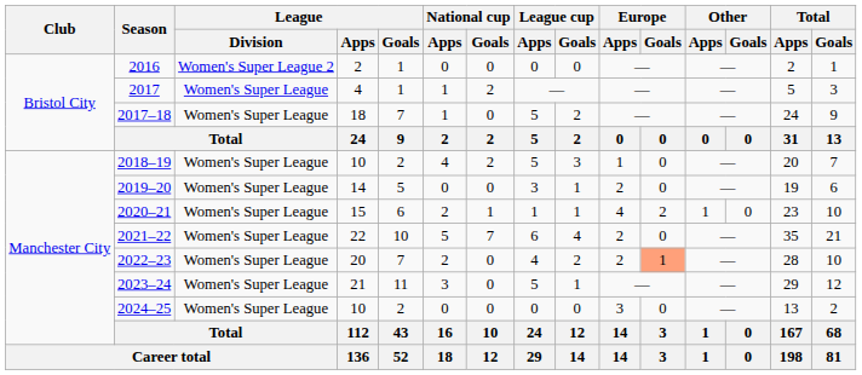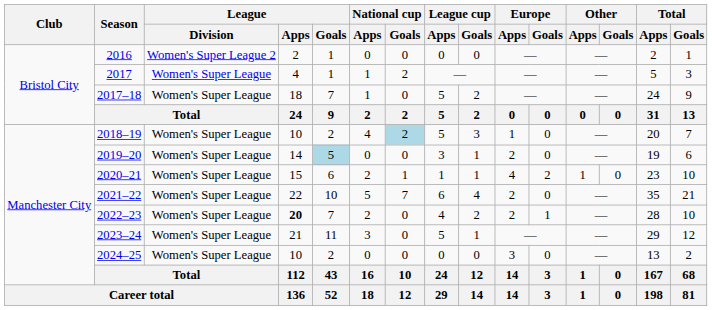 <table class="wikitable" style="text-align:center">
 <tr>
 <th rowspan="2">Club</th>
 <th rowspan="2">Season</th>
 <th colspan="3">League</th>
 <th colspan="2">National cup</th>
 <th colspan="2">League cup</th>
 <th colspan="2">Europe</th>
 <th colspan="2">Other</th>
 <th colspan="2">Total</th>
 </tr>
 <tr>
 <th>Division</th>
 <th>Apps</th>
 <th>Goals</th>
 <th>Apps</th>
 <th>Goals</th>
 <th>Apps</th>
 <th>Goals</th>
 <th>Apps</th>
 <th>Goals</th>
 <th>Apps</th>
 <th>Goals</th>
 <th>Apps</th>
 <th>Goals</th>
 </tr>
 <tr>
 <td rowspan="4"><a href='#'>Bristol City</a></td>
 <td><a href='#'>2016</a></td>
 <td><a href='#'>Women's Super League 2</a></td>
 <td>2</td>
 <td>1</td>
 <td>0</td>
 <td>0</td>
 <td>0</td>
 <td>0</td>
 <td colspan=2>—</td>
 <td colspan=2>—</td>
 <td>2</td>
 <td>1</td>
 </tr>
 <tr>
 <td><a href='#'>2017</a></td>
 <td><a href='#'>Women's Super League</a></td>
 <td>4</td>
 <td>1</td>
 <td>1</td>
 <td>2</td>
 <td colspan=2>—</td>
 <td colspan=2>—</td>
 <td colspan=2>—</td>
 <td>5</td>
 <td>3</td>
 </tr>
 <tr>
 <td><a href='#'>2017–18</a></td>
 <td>Women's Super League</td>
 <td>18</td>
 <td>7</td>
 <td>1</td>
 <td>0</td>
 <td>5</td>
 <td>2</td>
 <td colspan=2>—</td>
 <td colspan=2>—</td>
 <td>24</td>
 <td>9</td>
 </tr>
 <tr>
 <th colspan="2">Total</th>
 <th>24</th>
 <th>9</th>
 <th>2</th>
 <th>2</th>
 <th>5</th>
 <th>2</th>
 <th>0</th>
 <th>0</th>
 <th>0</th>
 <th>0</th>
 <th>31</th>
 <th>13</th>
 </tr>
 <tr>
 <td rowspan="8"><a href='#'>Manchester City</a></td>
 <td><a href='#'>2018–19</a></td>
 <td>Women's Super League</td>
 <td>10</td>
 <td>2</td>
 <td>4</td>
-<td>2</td>
+<td style="background: lightblue;">2</td>
 <td>5</td>
 <td>3</td>
 <td>1</td>
 <td>0</td>
 <td colspan=2>—</td>
 <td>20</td>
 <td>7</td>
 </tr>
 <tr>
 <td><a href='#'>2019–20</a></td>
 <td>Women's Super League</td>
 <td>14</td>
-<td>5</td>
+<td style="background: lightblue;">5</td>
 <td>0</td>
 <td>0</td>
 <td>3</td>
 <td>1</td>
 <td>2</td>
 <td>0</td>
 <td colspan=2>—</td>
 <td>19</td>
 <td>6</td>
 </tr>
 <tr>
 <td><a href='#'>2020–21</a></td>
 <td>Women's Super League</td>
 <td>15</td>
 <td>6</td>
 <td>2</td>
 <td>1</td>
 <td>1</td>
 <td>1</td>
 <td>4</td>
 <td>2</td>
 <td>1</td>
 <td>0</td>
 <td>23</td>
 <td>10</td>
 </tr>
 <tr>
 <td><a href='#'>2021–22</a></td>
 <td>Women's Super League</td>
 <td>22</td>
 <td>10</td>
 <td>5</td>
 <td>7</td>
 <td>6</td>
 <td>4</td>
 <td>2</td>
 <td>0</td>
 <td colspan=2>—</td>
 <td>35</td>
 <td>21</td>
 </tr>
 <tr>
 <td><a href='#'>2022–23</a></td>
 <td>Women's Super League</td>
-<td>20</td>
+<td><strong>20</strong></td>
 <td>7</td>
 <td>2</td>
 <td>0</td>
 <td>4</td>
 <td>2</td>
 <td>2</td>
-<td style="background: lightsalmon;">1</td>
+<td>1</td>
 <td colspan=2>—</td>
 <td>28</td>
 <td>10</td>
 </tr>
 <tr>
 <td><a href='#'>2023–24</a></td>
 <td>Women's Super League</td>
 <td>21</td>
 <td>11</td>
 <td>3</td>
 <td>0</td>
 <td>5</td>
 <td>1</td>
 <td colspan="2">—</td>
 <td colspan=2>—</td>
 <td>29</td>
 <td>12</td>
 </tr>
 <tr>
 <td><a href='#'>2024–25</a></td>
 <td>Women's Super League</td>
 <td>10</td>
 <td>2</td>
 <td>0</td>
 <td>0</td>
 <td>0</td>
 <td>0</td>
 <td>3</td>
 <td>0</td>
 <td colspan=2>—</td>
 <td>13</td>
 <td>2</td>
 </tr>
 <tr>
 <th colspan="2">Total</th>
 <th>112</th>
 <th>43</th>
 <th>16</th>
 <th>10</th>
 <th>24</th>
 <th>12</th>
 <th>14</th>
 <th>3</th>
 <th>1</th>
 <th>0</th>
 <th>167</th>
 <th>68</th>
 </tr>
 <tr>
 <th colspan="3">Career total</th>
 <th>136</th>
 <th>52</th>
 <th>18</th>
 <th>12</th>
 <th>29</th>
 <th>14</th>
 <th>14</th>
 <th>3</th>
 <th>1</th>
 <th>0</th>
 <th>198</th>
 <th>81</th>
 </tr>
 </table>
